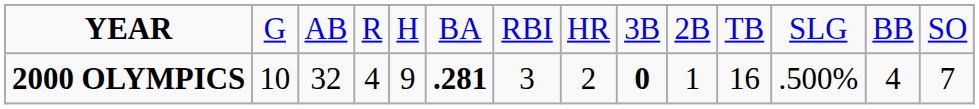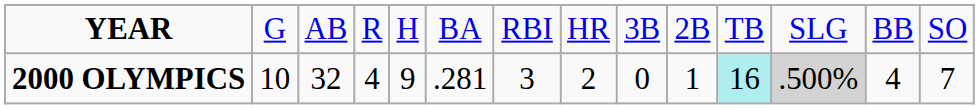 <table class="wikitable">
 <tr align=center>
 <td><strong>YEAR</strong></td>
 <td><a href='#'>G</a></td>
 <td><a href='#'>AB</a></td>
 <td><a href='#'>R</a></td>
 <td><a href='#'>H</a></td>
 <td><a href='#'>BA</a></td>
 <td><a href='#'>RBI</a></td>
 <td><a href='#'>HR</a></td>
 <td><a href='#'>3B</a></td>
 <td><a href='#'>2B</a></td>
 <td><a href='#'>TB</a></td>
 <td><a href='#'>SLG</a></td>
 <td><a href='#'>BB</a></td>
 <td><a href='#'>SO</a></td>
 </tr>
 <tr align=center>
 <td><strong>2000 OLYMPICS</strong></td>
 <td>10</td>
 <td>32</td>
 <td>4</td>
 <td>9</td>
-<td><strong>.281</strong></td>
+<td>.281</td>
 <td>3</td>
 <td>2</td>
-<td><strong>0</strong></td>
+<td>0</td>
 <td>1</td>
-<td>16</td>
-<td>.500%</td>
+<td style="background: paleturquoise;">16</td>
+<td style="background: lightgrey;">.500%</td>
 <td>4</td>
 <td>7</td>
 </tr>
 </table>
